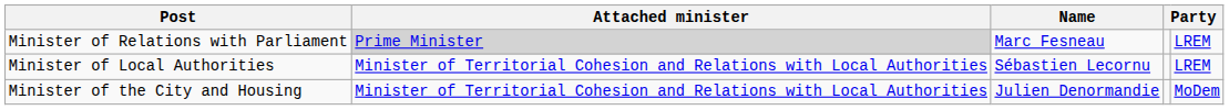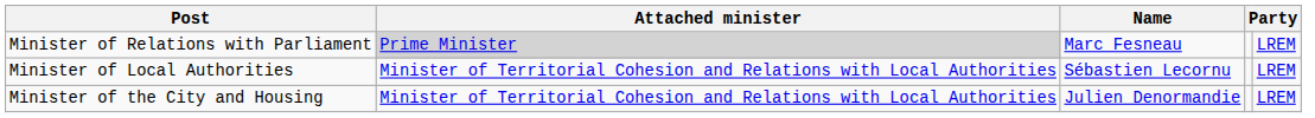 <table class="wikitable">
 <tr>
 <th scope="col">Post</th>
 <th scope="col">Attached minister</th>
 <th scope="col">Name</th>
 <th colspan="2" scope="col">Party</th>
 </tr>
 <tr>
 <td>Minister of Relations with Parliament</td>
 <td style="background: lightgrey;"><a href='#'>Prime Minister</a></td>
 <td><a href='#'>Marc Fesneau</a></td>
 <td style="background:"></td>
 <td><a href='#'>LREM</a></td>
 </tr>
 <tr>
 <td>Minister of Local Authorities</td>
 <td><a href='#'>Minister of Territorial Cohesion and Relations with Local Authorities</a></td>
 <td><a href='#'>Sébastien Lecornu</a></td>
 <td style="background:"></td>
 <td><a href='#'>LREM</a></td>
 </tr>
 <tr>
 <td>Minister of the City and Housing</td>
 <td><a href='#'>Minister of Territorial Cohesion and Relations with Local Authorities</a></td>
 <td><a href='#'>Julien Denormandie</a></td>
 <td style="background:"></td>
-<td><a href='#'>MoDem</a></td>
+<td><a href='#'>LREM</a></td>
 </tr>
 </table>
